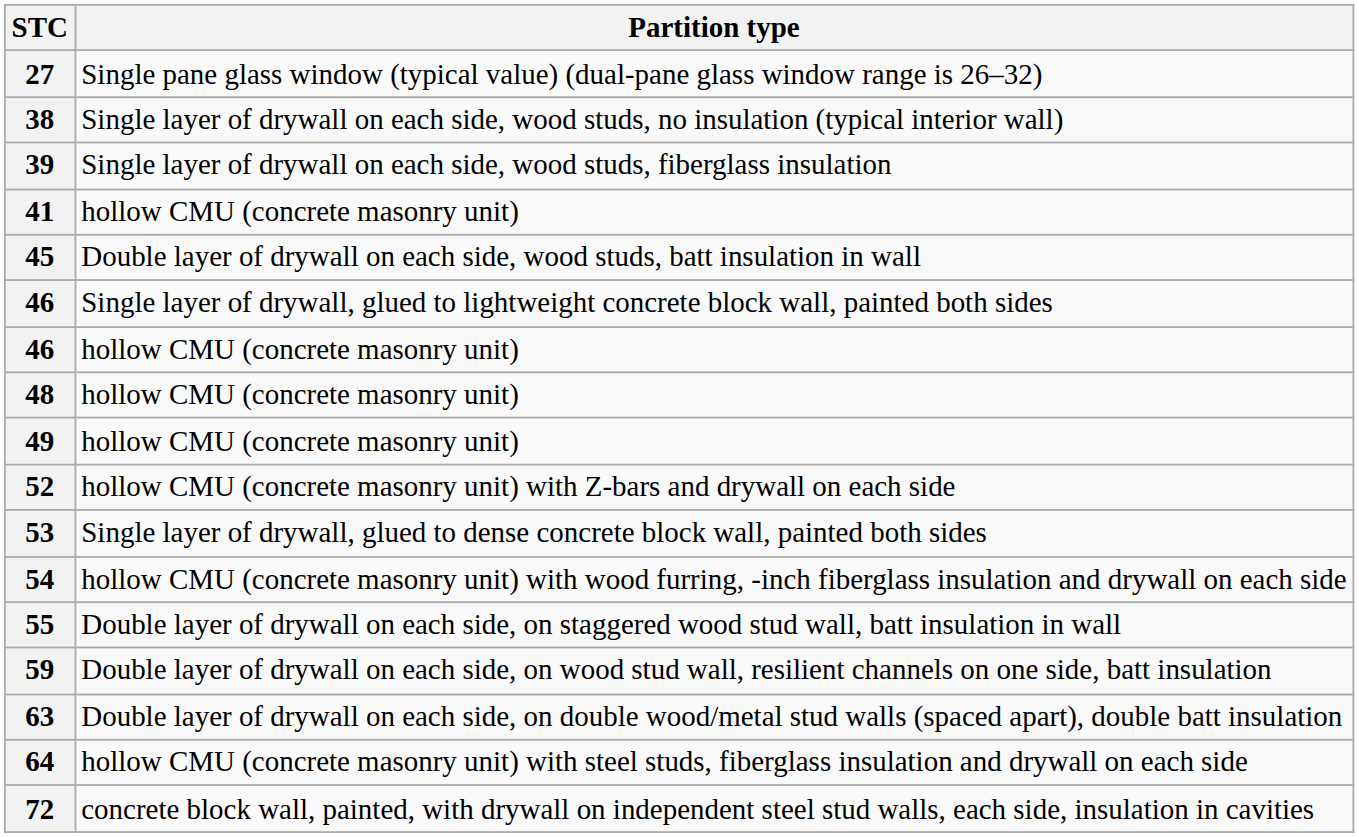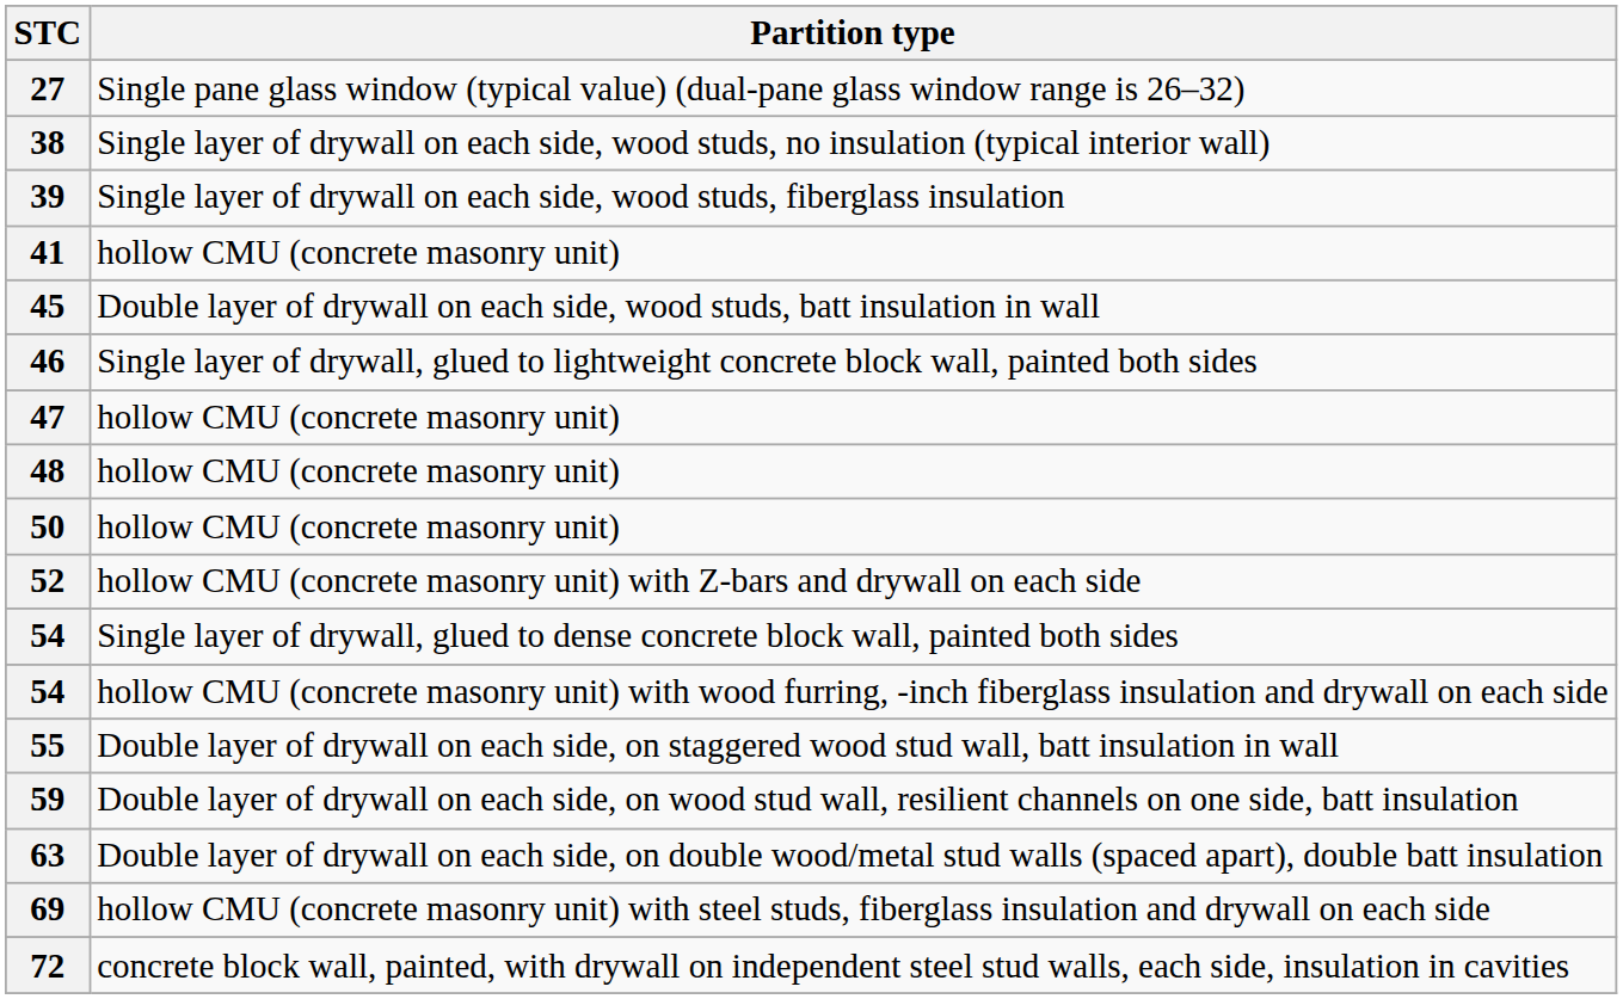 <table class="wikitable">
 <tr>
 <th scope="col">STC</th>
 <th scope="col">Partition type</th>
 </tr>
 <tr>
 <th scope="row">27</th>
 <td>Single pane glass window (typical value) (dual-pane glass window range is 26–32)</td>
 </tr>
 <tr>
 <th scope="row">38</th>
 <td>Single layer of  drywall on each side, wood studs, no insulation (typical interior wall)</td>
 </tr>
 <tr>
 <th scope="row">39</th>
 <td>Single layer of  drywall on each side, wood studs, fiberglass insulation</td>
 </tr>
 <tr>
 <th scope="row">41</th>
 <td> hollow CMU (concrete masonry unit)</td>
 </tr>
 <tr>
 <th scope="row">45</th>
 <td>Double layer of  drywall on each side, wood studs, batt insulation in wall</td>
 </tr>
 <tr>
 <th scope="row">46</th>
 <td>Single layer of  drywall, glued to  lightweight concrete block wall, painted both sides</td>
 </tr>
 <tr>
-<th scope="row">46</th>
+<th scope="row">47</th>
 <td> hollow CMU (concrete masonry unit)</td>
 </tr>
 <tr>
 <th scope="row">48</th>
 <td> hollow CMU (concrete masonry unit)</td>
 </tr>
 <tr>
-<th scope="row">49</th>
+<th scope="row">50</th>
 <td> hollow CMU (concrete masonry unit)</td>
 </tr>
 <tr>
 <th scope="row">52</th>
 <td> hollow CMU (concrete masonry unit) with  Z-bars and  drywall on each side</td>
 </tr>
 <tr>
-<th scope="row">53</th>
+<th scope="row">54</th>
 <td>Single layer of  drywall, glued to  dense concrete block wall, painted both sides</td>
 </tr>
 <tr>
 <th scope="row">54</th>
 <td> hollow CMU (concrete masonry unit) with  wood furring, -inch fiberglass insulation and  drywall on each side</td>
 </tr>
 <tr>
 <th scope="row">55</th>
 <td>Double layer of  drywall on each side, on staggered wood stud wall, batt insulation in wall</td>
 </tr>
 <tr>
 <th scope="row">59</th>
 <td>Double layer of  drywall on each side, on wood stud wall, resilient channels on one side, batt insulation</td>
 </tr>
 <tr>
 <th scope="row">63</th>
 <td>Double layer of  drywall on each side, on double wood/metal stud walls (spaced  apart), double batt insulation</td>
 </tr>
 <tr>
-<th scope="row">64</th>
+<th scope="row">69</th>
 <td> hollow CMU (concrete masonry unit) with  steel studs, fiberglass insulation and  drywall on each side</td>
 </tr>
 <tr>
 <th scope="row">72</th>
 <td> concrete block wall, painted, with  drywall on independent steel stud walls, each side, insulation in cavities</td>
 </tr>
 </table>
